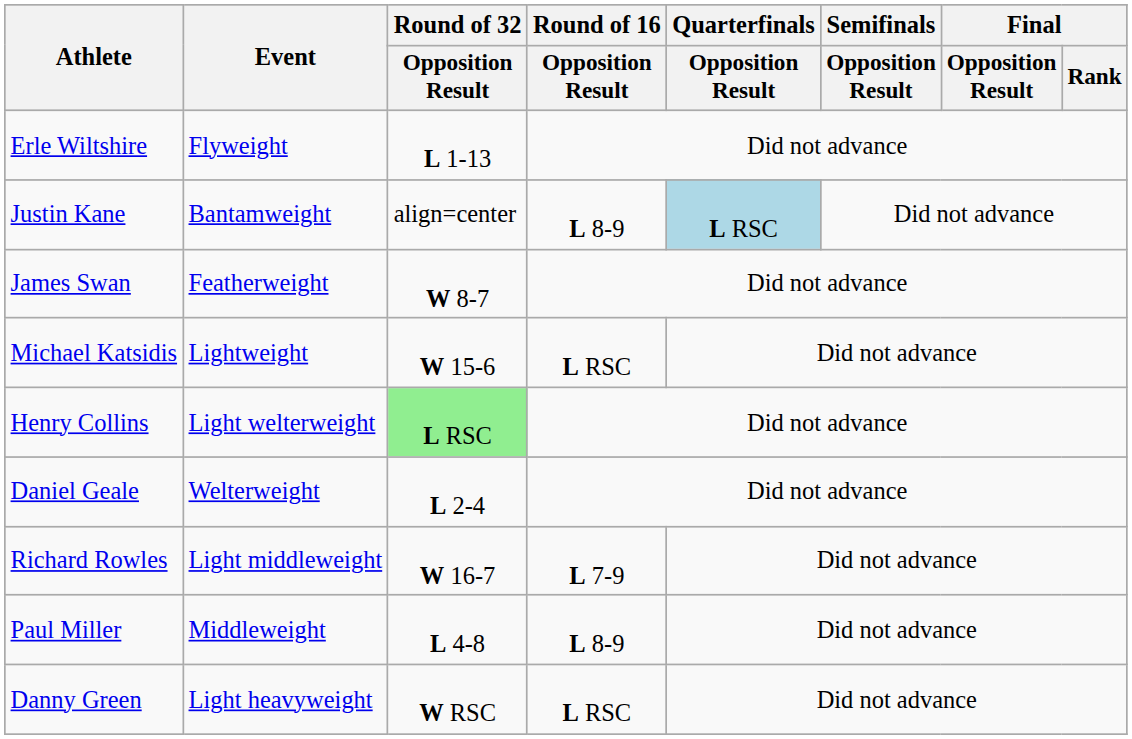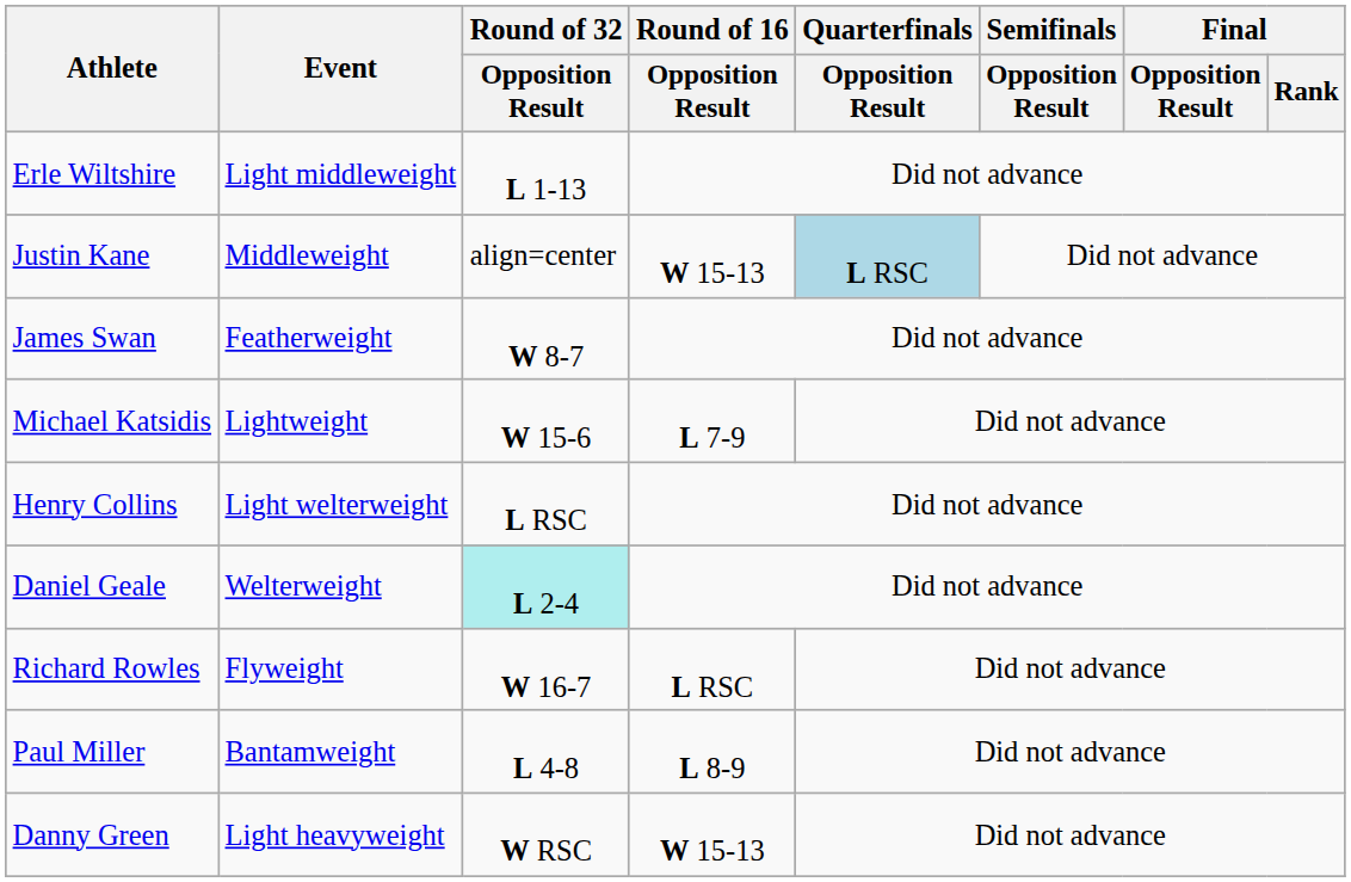 <table class="wikitable" style="font-size:90%">
 <tr>
 <th rowspan="2">Athlete</th>
 <th rowspan="2">Event</th>
 <th>Round of 32</th>
 <th>Round of 16</th>
 <th>Quarterfinals</th>
 <th>Semifinals</th>
 <th colspan=2>Final</th>
 </tr>
 <tr style="font-size:95%">
 <th>Opposition<br>Result</th>
 <th>Opposition<br>Result</th>
 <th>Opposition<br>Result</th>
 <th>Opposition<br>Result</th>
 <th>Opposition<br>Result</th>
 <th>Rank</th>
 </tr>
 <tr>
 <td align=left><a href='#'>Erle Wiltshire</a></td>
-<td align=left><a href='#'>Flyweight</a></td>
+<td align=left><a href='#'>Light middleweight</a></td>
 <td align=center><br><strong>L</strong> 1-13</td>
 <td align=center colspan=5>Did not advance</td>
 </tr>
 <tr>
 <td align=left><a href='#'>Justin Kane</a></td>
-<td align=left><a href='#'>Bantamweight</a></td>
+<td align=left><a href='#'>Middleweight</a></td>
 <td>align=center </td>
-<td align=center><br><strong>L</strong> 8-9</td>
+<td align=center><br><strong>W</strong> 15-13</td>
 <td align=center style="background: lightblue;"><br><strong>L</strong> RSC</td>
 <td align=center colspan=3>Did not advance</td>
 </tr>
 <tr>
 <td align=left><a href='#'>James Swan</a></td>
 <td align=left><a href='#'>Featherweight</a></td>
 <td align=center><br><strong>W</strong> 8-7</td>
 <td align=center colspan=5>Did not advance</td>
 </tr>
 <tr>
 <td align=left><a href='#'>Michael Katsidis</a></td>
 <td align=left><a href='#'>Lightweight</a></td>
 <td align=center><br><strong>W</strong> 15-6</td>
-<td align=center><br><strong>L</strong> RSC</td>
+<td align=center><br><strong>L</strong> 7-9</td>
 <td align=center colspan=4>Did not advance</td>
 </tr>
 <tr>
 <td align=left><a href='#'>Henry Collins</a></td>
 <td align=left><a href='#'>Light welterweight</a></td>
-<td align=center style="background: lightgreen;"><br><strong>L</strong> RSC</td>
+<td align=center><br><strong>L</strong> RSC</td>
 <td align=center colspan=5>Did not advance</td>
 </tr>
 <tr>
 <td align=left><a href='#'>Daniel Geale</a></td>
 <td align=left><a href='#'>Welterweight</a></td>
-<td align=center><br><strong>L</strong> 2-4</td>
+<td align=center style="background: paleturquoise;"><br><strong>L</strong> 2-4</td>
 <td align=center colspan=5>Did not advance</td>
 </tr>
 <tr>
 <td align=left><a href='#'>Richard Rowles</a></td>
-<td align=left><a href='#'>Light middleweight</a></td>
+<td align=left><a href='#'>Flyweight</a></td>
 <td align=center><br><strong>W</strong> 16-7</td>
-<td align=center><br><strong>L</strong> 7-9</td>
+<td align=center><br><strong>L</strong> RSC</td>
 <td align=center colspan=4>Did not advance</td>
 </tr>
 <tr>
 <td align=left><a href='#'>Paul Miller</a></td>
-<td align=left><a href='#'>Middleweight</a></td>
+<td align=left><a href='#'>Bantamweight</a></td>
 <td align=center><br><strong>L</strong> 4-8</td>
 <td align=center><br><strong>L</strong> 8-9</td>
 <td align=center colspan=4>Did not advance</td>
 </tr>
 <tr>
 <td align=left><a href='#'>Danny Green</a></td>
 <td align=left><a href='#'>Light heavyweight</a></td>
 <td align=center><br><strong>W</strong> RSC</td>
-<td align=center><br><strong>L</strong> RSC</td>
+<td align=center><br><strong>W</strong> 15-13</td>
 <td align=center colspan=4>Did not advance</td>
 </tr>
 </table>
